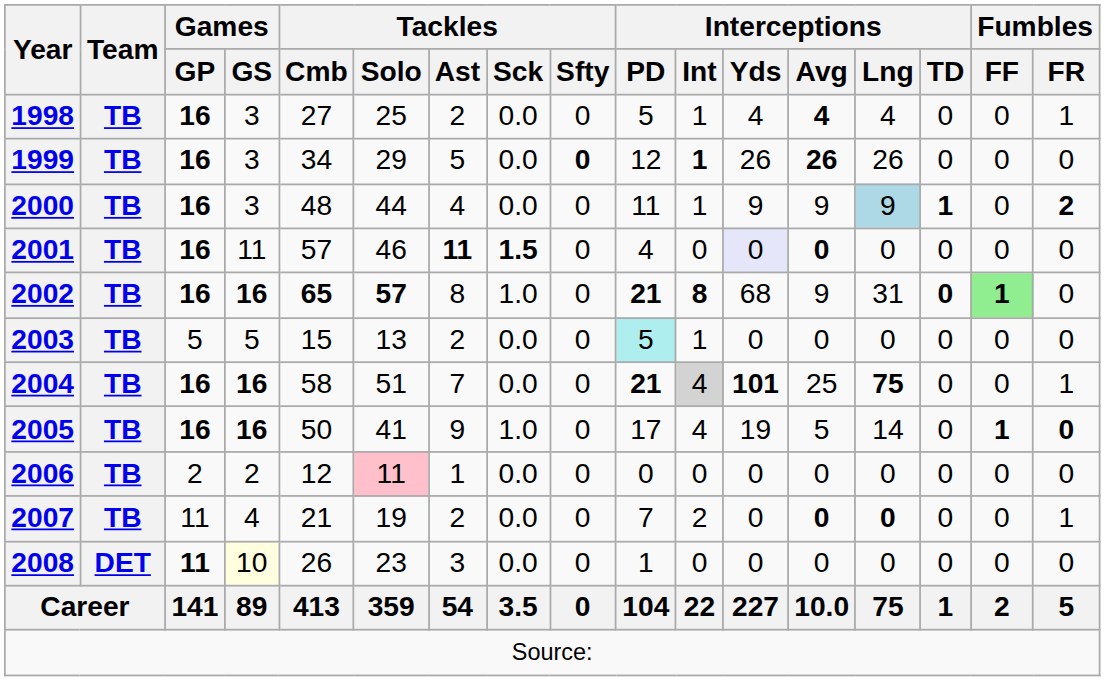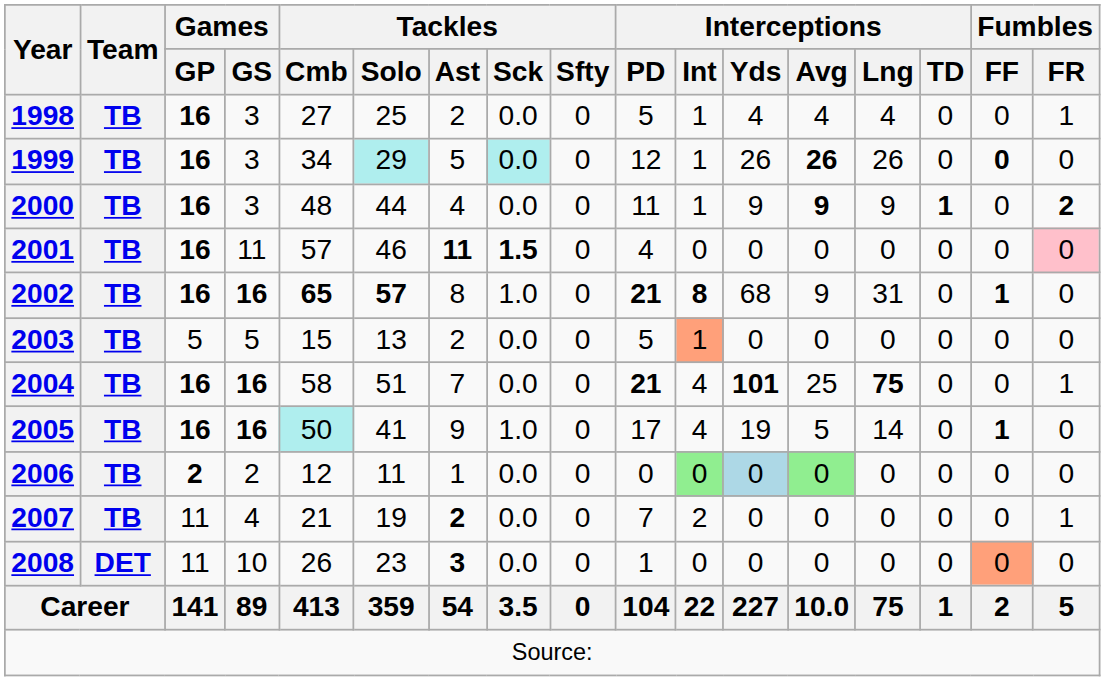 <table class="wikitable" style="text-align: center;">
 <tr>
 <th rowspan="2">Year</th>
 <th rowspan="2">Team</th>
 <th colspan="2">Games</th>
 <th colspan="5">Tackles</th>
 <th colspan="6">Interceptions</th>
 <th colspan="2">Fumbles</th>
 </tr>
 <tr>
 <th>GP</th>
 <th>GS</th>
 <th>Cmb</th>
 <th>Solo</th>
 <th>Ast</th>
 <th>Sck</th>
 <th>Sfty</th>
 <th>PD</th>
 <th>Int</th>
 <th>Yds</th>
 <th>Avg</th>
 <th>Lng</th>
 <th>TD</th>
 <th>FF</th>
 <th>FR</th>
 </tr>
 <tr>
 <th><a href='#'>1998</a></th>
 <th><a href='#'>TB</a></th>
 <td><strong>16</strong></td>
 <td>3</td>
 <td>27</td>
 <td>25</td>
 <td>2</td>
 <td>0.0</td>
 <td>0</td>
 <td>5</td>
 <td>1</td>
 <td>4</td>
-<td><strong>4</strong></td>
+<td>4</td>
 <td>4</td>
 <td>0</td>
 <td>0</td>
 <td>1</td>
 </tr>
 <tr>
 <th><a href='#'>1999</a></th>
 <th><a href='#'>TB</a></th>
 <td><strong>16</strong></td>
 <td>3</td>
 <td>34</td>
-<td>29</td>
+<td style="background: paleturquoise;">29</td>
 <td>5</td>
-<td>0.0</td>
-<td><strong>0</strong></td>
+<td style="background: paleturquoise;">0.0</td>
+<td>0</td>
 <td>12</td>
-<td><strong>1</strong></td>
+<td>1</td>
 <td>26</td>
 <td><strong>26</strong></td>
 <td>26</td>
 <td>0</td>
-<td>0</td>
+<td><strong>0</strong></td>
 <td>0</td>
 </tr>
 <tr>
 <th><a href='#'>2000</a></th>
 <th><a href='#'>TB</a></th>
 <td><strong>16</strong></td>
 <td>3</td>
 <td>48</td>
 <td>44</td>
 <td>4</td>
 <td>0.0</td>
 <td>0</td>
 <td>11</td>
 <td>1</td>
 <td>9</td>
+<td><strong>9</strong></td>
 <td>9</td>
-<td style="background: lightblue;">9</td>
 <td><strong>1</strong></td>
 <td>0</td>
 <td><strong>2</strong></td>
 </tr>
 <tr>
 <th><a href='#'>2001</a></th>
 <th><a href='#'>TB</a></th>
 <td><strong>16</strong></td>
 <td>11</td>
 <td>57</td>
 <td>46</td>
 <td><strong>11</strong></td>
 <td><strong>1.5</strong></td>
 <td>0</td>
 <td>4</td>
 <td>0</td>
-<td style="background: lavender;">0</td>
-<td><strong>0</strong></td>
 <td>0</td>
 <td>0</td>
 <td>0</td>
 <td>0</td>
+<td>0</td>
+<td style="background: pink;">0</td>
 </tr>
 <tr>
 <th><a href='#'>2002</a></th>
 <th><a href='#'>TB</a></th>
 <td><strong>16</strong></td>
 <td><strong>16</strong></td>
 <td><strong>65</strong></td>
 <td><strong>57</strong></td>
 <td>8</td>
 <td>1.0</td>
 <td>0</td>
 <td><strong>21</strong></td>
 <td><strong>8</strong></td>
 <td>68</td>
 <td>9</td>
 <td>31</td>
-<td><strong>0</strong></td>
-<td style="background: lightgreen;"><strong>1</strong></td>
+<td>0</td>
+<td><strong>1</strong></td>
 <td>0</td>
 </tr>
 <tr>
 <th><a href='#'>2003</a></th>
 <th><a href='#'>TB</a></th>
 <td>5</td>
 <td>5</td>
 <td>15</td>
 <td>13</td>
 <td>2</td>
 <td>0.0</td>
 <td>0</td>
-<td style="background: paleturquoise;">5</td>
-<td>1</td>
+<td>5</td>
+<td style="background: lightsalmon;">1</td>
 <td>0</td>
 <td>0</td>
 <td>0</td>
 <td>0</td>
 <td>0</td>
 <td>0</td>
 </tr>
 <tr>
 <th><a href='#'>2004</a></th>
 <th><a href='#'>TB</a></th>
 <td><strong>16</strong></td>
 <td><strong>16</strong></td>
 <td>58</td>
 <td>51</td>
 <td>7</td>
 <td>0.0</td>
 <td>0</td>
 <td><strong>21</strong></td>
-<td style="background: lightgrey;">4</td>
+<td>4</td>
 <td><strong>101</strong></td>
 <td>25</td>
 <td><strong>75</strong></td>
 <td>0</td>
 <td>0</td>
 <td>1</td>
 </tr>
 <tr>
 <th><a href='#'>2005</a></th>
 <th><a href='#'>TB</a></th>
 <td><strong>16</strong></td>
 <td><strong>16</strong></td>
-<td>50</td>
+<td style="background: paleturquoise;">50</td>
 <td>41</td>
 <td>9</td>
 <td>1.0</td>
 <td>0</td>
 <td>17</td>
 <td>4</td>
 <td>19</td>
 <td>5</td>
 <td>14</td>
 <td>0</td>
 <td><strong>1</strong></td>
-<td><strong>0</strong></td>
+<td>0</td>
 </tr>
 <tr>
 <th><a href='#'>2006</a></th>
 <th><a href='#'>TB</a></th>
-<td>2</td>
+<td><strong>2</strong></td>
 <td>2</td>
 <td>12</td>
-<td style="background: pink;">11</td>
+<td>11</td>
 <td>1</td>
 <td>0.0</td>
 <td>0</td>
 <td>0</td>
-<td>0</td>
-<td>0</td>
-<td>0</td>
+<td style="background: lightgreen;">0</td>
+<td style="background: lightblue;">0</td>
+<td style="background: lightgreen;">0</td>
 <td>0</td>
 <td>0</td>
 <td>0</td>
 <td>0</td>
 </tr>
 <tr>
 <th><a href='#'>2007</a></th>
 <th><a href='#'>TB</a></th>
 <td>11</td>
 <td>4</td>
 <td>21</td>
 <td>19</td>
-<td>2</td>
+<td><strong>2</strong></td>
 <td>0.0</td>
 <td>0</td>
 <td>7</td>
 <td>2</td>
 <td>0</td>
-<td><strong>0</strong></td>
-<td><strong>0</strong></td>
+<td>0</td>
+<td>0</td>
 <td>0</td>
 <td>0</td>
 <td>1</td>
 </tr>
 <tr>
 <th><a href='#'>2008</a></th>
 <th><a href='#'>DET</a></th>
-<td><strong>11</strong></td>
-<td style="background: lightyellow;">10</td>
+<td>11</td>
+<td>10</td>
 <td>26</td>
 <td>23</td>
-<td>3</td>
+<td><strong>3</strong></td>
 <td>0.0</td>
 <td>0</td>
 <td>1</td>
 <td>0</td>
 <td>0</td>
 <td>0</td>
 <td>0</td>
 <td>0</td>
-<td>0</td>
+<td style="background: lightsalmon;">0</td>
 <td>0</td>
 </tr>
 <tr>
 <th colspan="2">Career</th>
 <th>141</th>
 <th>89</th>
 <th>413</th>
 <th>359</th>
 <th>54</th>
 <th>3.5</th>
 <th>0</th>
 <th>104</th>
 <th>22</th>
 <th>227</th>
 <th>10.0</th>
 <th>75</th>
 <th>1</th>
 <th>2</th>
 <th>5</th>
 </tr>
 <tr>
 <td colspan="17"><small>Source: </small></td>
 </tr>
 </table>
